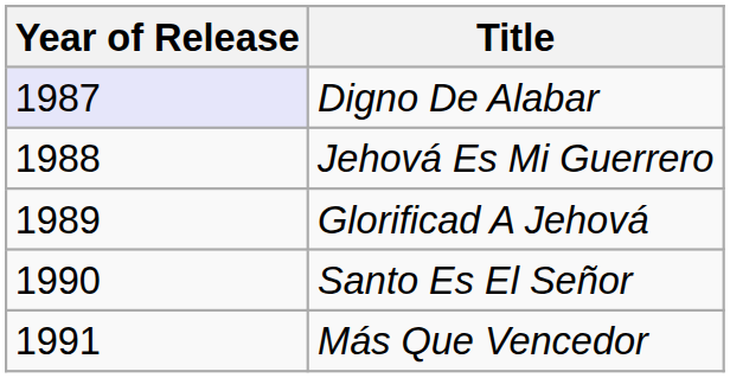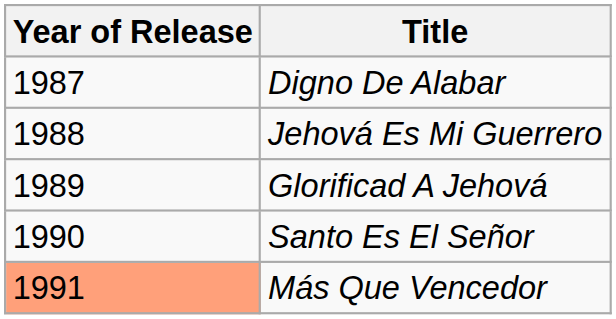 <table class="wikitable" style="font-size: 95%;">
 <tr>
 <th>Year of Release</th>
 <th>Title</th>
 </tr>
 <tr>
-<td style="background: lavender;">1987</td>
+<td>1987</td>
 <td><em>Digno De Alabar</em></td>
 </tr>
 <tr>
 <td>1988</td>
 <td><em>Jehová Es Mi Guerrero</em></td>
 </tr>
 <tr>
 <td>1989</td>
 <td><em>Glorificad A Jehová</em></td>
 </tr>
 <tr>
 <td>1990</td>
 <td><em>Santo Es El Señor</em></td>
 </tr>
 <tr>
-<td>1991</td>
+<td style="background: lightsalmon;">1991</td>
 <td><em>Más Que Vencedor</em></td>
 </tr>
 </table>
